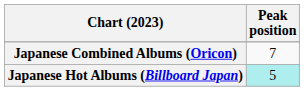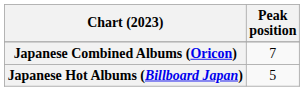 <table class="wikitable sortable plainrowheaders" style="text-align:center;">
 <tr>
 <th scope="col">Chart (2023)</th>
 <th scope="col">Peak<br>position</th>
 </tr>
 <tr>
 </tr>
 <tr>
 <th scope="row">Japanese Combined Albums (<a href='#'>Oricon</a>)</th>
 <td>7</td>
 </tr>
 <tr>
 <th scope="row">Japanese Hot Albums (<em><a href='#'>Billboard Japan</a></em>)</th>
-<td style="background: paleturquoise;">5</td>
+<td>5</td>
 </tr>
 </table>
